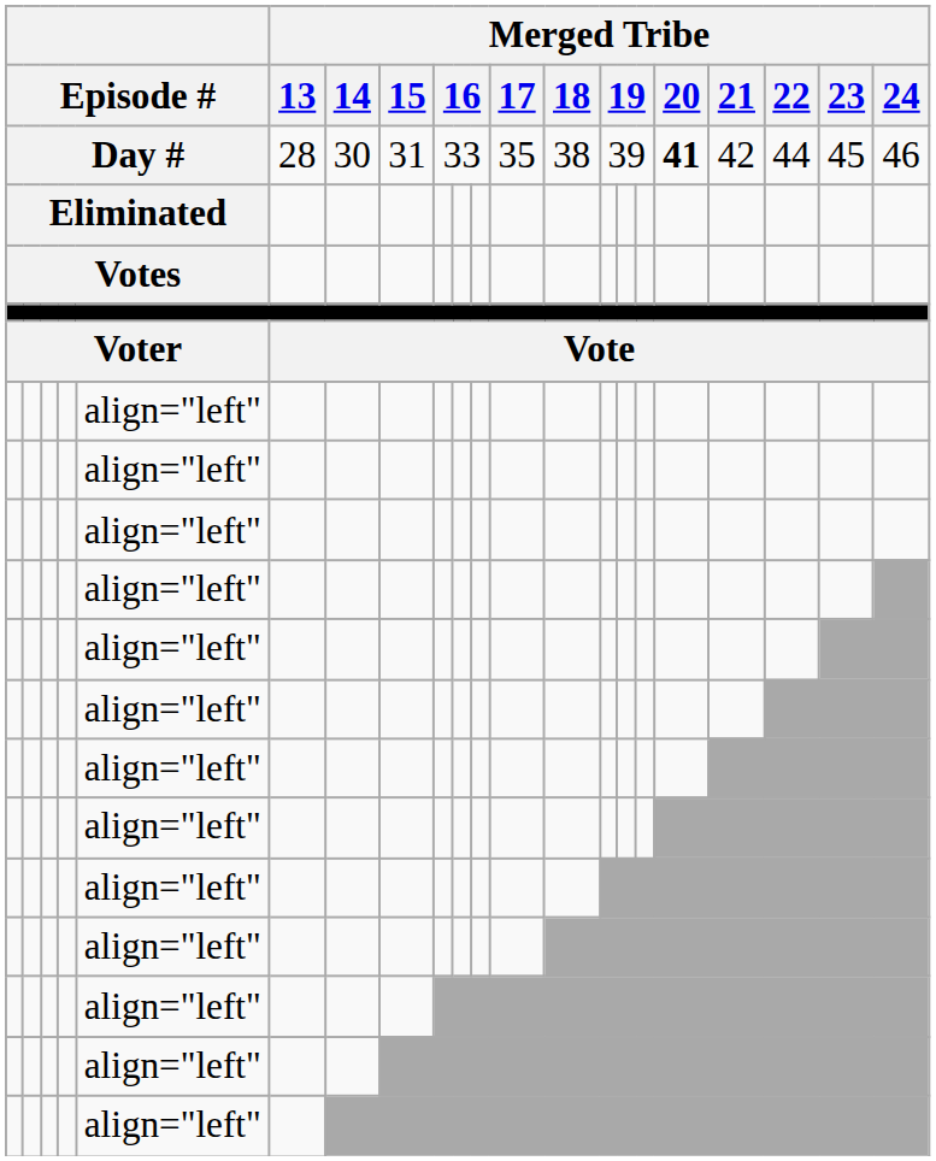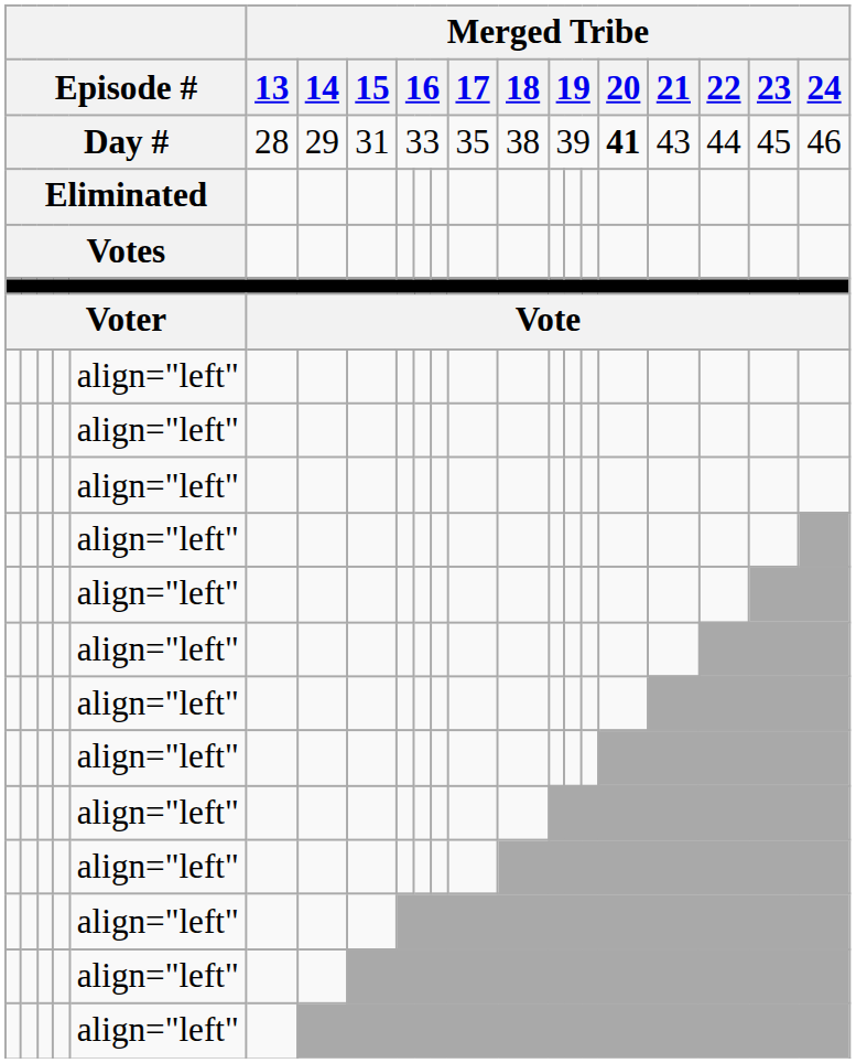 <table class="wikitable" style="text-align:center">
 <tr>
 <th colspan="5"></th>
 <th colspan="16">Merged Tribe</th>
 </tr>
 <tr>
 <th colspan="5">Episode #</th>
 <th><a href='#'>13</a></th>
 <th><a href='#'>14</a></th>
 <th><a href='#'>15</a></th>
 <th colspan="3"><a href='#'>16</a></th>
 <th><a href='#'>17</a></th>
 <th><a href='#'>18</a></th>
 <th colspan="3"><a href='#'>19</a></th>
 <th><a href='#'>20</a></th>
 <th><a href='#'>21</a></th>
 <th><a href='#'>22</a></th>
 <th><a href='#'>23</a></th>
 <th><a href='#'>24</a></th>
 </tr>
 <tr>
 <th colspan="5">Day #</th>
 <td>28</td>
-<td>30</td>
+<td>29</td>
 <td>31</td>
 <td colspan="3">33</td>
 <td>35</td>
 <td>38</td>
 <td colspan="3">39</td>
 <td><strong>41</strong></td>
-<td>42</td>
+<td>43</td>
 <td>44</td>
 <td>45</td>
 <td>46</td>
 </tr>
 <tr>
 <th colspan="5">Eliminated</th>
 <td></td>
 <td></td>
 <td></td>
 <td></td>
 <td></td>
 <td></td>
 <td></td>
 <td></td>
 <td></td>
 <td></td>
 <td></td>
 <td></td>
 <td></td>
 <td></td>
 <td></td>
 <td></td>
 </tr>
 <tr>
 <th colspan="5">Votes</th>
 <td></td>
 <td></td>
 <td></td>
 <td></td>
 <td></td>
 <td></td>
 <td></td>
 <td></td>
 <td></td>
 <td></td>
 <td></td>
 <td></td>
 <td></td>
 <td></td>
 <td></td>
 <td></td>
 </tr>
 <tr>
 <td colspan="21" style="background:black"></td>
 </tr>
 <tr>
 <th colspan="5">Voter</th>
 <th colspan="16">Vote</th>
 </tr>
 <tr>
 <td></td>
 <td></td>
 <td></td>
 <td></td>
 <td>align="left" </td>
 <td></td>
 <td></td>
 <td></td>
 <td></td>
 <td></td>
 <td></td>
 <td></td>
 <td></td>
 <td></td>
 <td></td>
 <td></td>
 <td></td>
 <td></td>
 <td></td>
 <td></td>
 <td></td>
 </tr>
 <tr>
 <td></td>
 <td></td>
 <td></td>
 <td></td>
 <td>align="left" </td>
 <td></td>
 <td></td>
 <td></td>
 <td></td>
 <td></td>
 <td></td>
 <td></td>
 <td></td>
 <td></td>
 <td></td>
 <td></td>
 <td></td>
 <td></td>
 <td></td>
 <td></td>
 <td></td>
 </tr>
 <tr>
 <td></td>
 <td></td>
 <td></td>
 <td></td>
 <td>align="left" </td>
 <td></td>
 <td></td>
 <td></td>
 <td></td>
 <td></td>
 <td></td>
 <td></td>
 <td></td>
 <td></td>
 <td></td>
 <td></td>
 <td></td>
 <td></td>
 <td></td>
 <td></td>
 <td></td>
 </tr>
 <tr>
 <td></td>
 <td></td>
 <td></td>
 <td></td>
 <td>align="left" </td>
 <td></td>
 <td></td>
 <td></td>
 <td></td>
 <td></td>
 <td></td>
 <td></td>
 <td></td>
 <td></td>
 <td></td>
 <td></td>
 <td></td>
 <td></td>
 <td></td>
 <td></td>
 <td colspan="1" style="background:darkgray;"></td>
 </tr>
 <tr>
 <td></td>
 <td></td>
 <td></td>
 <td></td>
 <td>align="left" </td>
 <td></td>
 <td></td>
 <td></td>
 <td></td>
 <td></td>
 <td></td>
 <td></td>
 <td></td>
 <td></td>
 <td></td>
 <td></td>
 <td></td>
 <td></td>
 <td></td>
 <td colspan="2" style="background:darkgray;"></td>
 </tr>
 <tr>
 <td></td>
 <td></td>
 <td></td>
 <td></td>
 <td>align="left" </td>
 <td></td>
 <td></td>
 <td></td>
 <td></td>
 <td></td>
 <td></td>
 <td></td>
 <td></td>
 <td></td>
 <td></td>
 <td></td>
 <td></td>
 <td></td>
 <td colspan="3" style="background:darkgray;"></td>
 </tr>
 <tr>
 <td></td>
 <td></td>
 <td></td>
 <td></td>
 <td>align="left" </td>
 <td></td>
 <td></td>
 <td></td>
 <td></td>
 <td></td>
 <td></td>
 <td></td>
 <td></td>
 <td></td>
 <td></td>
 <td></td>
 <td></td>
 <td colspan="4" style="background:darkgray;"></td>
 </tr>
 <tr>
 <td></td>
 <td></td>
 <td></td>
 <td></td>
 <td>align="left" </td>
 <td></td>
 <td></td>
 <td></td>
 <td></td>
 <td></td>
 <td></td>
 <td></td>
 <td></td>
 <td></td>
 <td></td>
 <td> </td>
 <td colspan="5" style="background:darkgray;"></td>
 </tr>
 <tr>
 <td></td>
 <td></td>
 <td></td>
 <td></td>
 <td>align="left" </td>
 <td></td>
 <td></td>
 <td></td>
 <td></td>
 <td></td>
 <td></td>
 <td></td>
 <td></td>
 <td colspan="8" style="background:darkgray;"></td>
 </tr>
 <tr>
 <td></td>
 <td></td>
 <td></td>
 <td></td>
 <td>align="left" </td>
 <td></td>
 <td></td>
 <td></td>
 <td></td>
 <td></td>
 <td></td>
 <td></td>
 <td colspan="9" style="background:darkgray;"></td>
 </tr>
 <tr>
 <td></td>
 <td></td>
 <td></td>
 <td></td>
 <td>align="left" </td>
 <td></td>
 <td></td>
 <td></td>
 <td colspan="13" style="background:darkgray;"></td>
 </tr>
 <tr>
 <td></td>
 <td></td>
 <td></td>
 <td></td>
 <td>align="left" </td>
 <td></td>
 <td></td>
 <td colspan="14" style="background:darkgray;"></td>
 </tr>
 <tr>
 <td></td>
 <td></td>
 <td></td>
 <td></td>
 <td>align="left" </td>
 <td></td>
 <td colspan="15" style="background:darkgray;"></td>
 </tr>
 </table>
